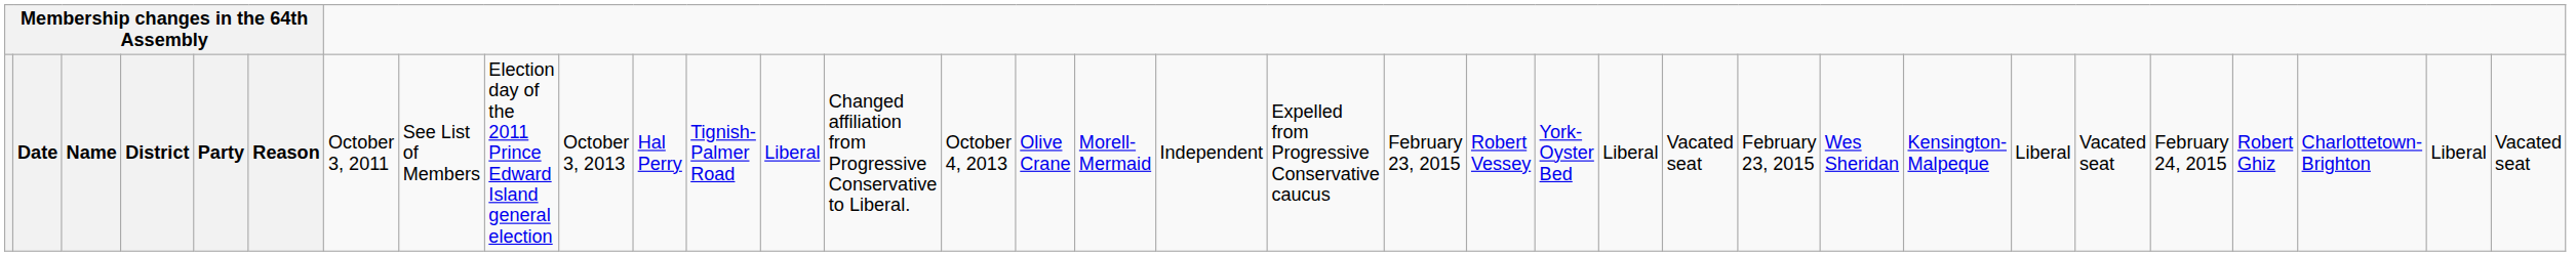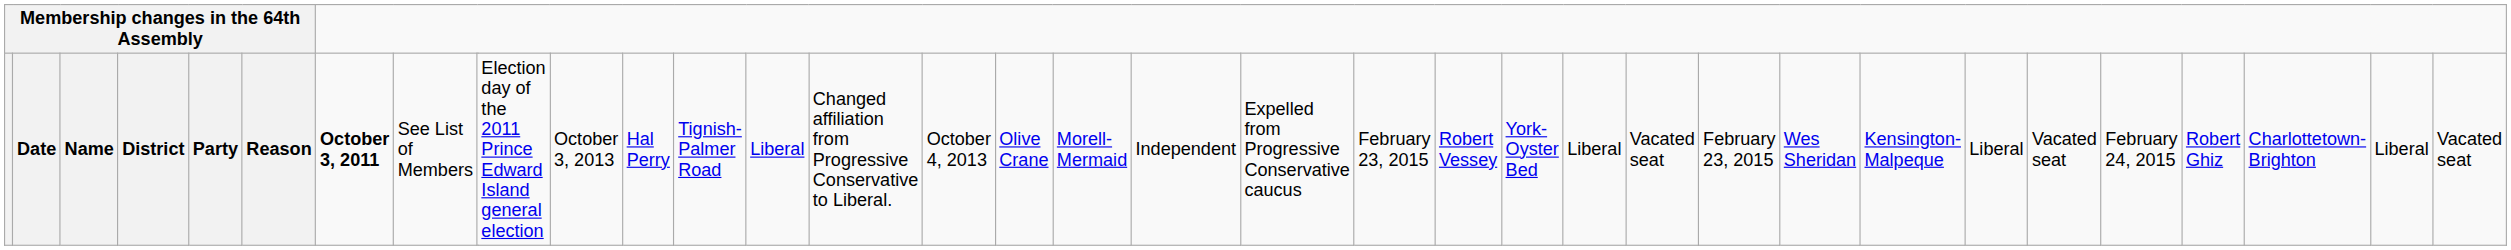 <table class="wikitable">
 <tr>
 <th colspan=6>Membership changes in the 64th Assembly</th>
 </tr>
 <tr>
 <th></th>
 <th>Date</th>
 <th>Name</th>
 <th>District</th>
 <th>Party</th>
 <th>Reason<br></th>
-<td>October 3, 2011</td>
+<td><strong>October 3, 2011</strong></td>
 <td colspan=3>See List of Members</td>
 <td>Election day of the <a href='#'>2011 Prince Edward Island general election</a><br></td>
 <td>October 3, 2013</td>
 <td><a href='#'>Hal Perry</a></td>
 <td><a href='#'>Tignish-Palmer Road</a></td>
 <td><a href='#'>Liberal</a></td>
 <td>Changed affiliation from Progressive Conservative to Liberal.<br></td>
 <td>October 4, 2013</td>
 <td><a href='#'>Olive Crane</a></td>
 <td><a href='#'>Morell-Mermaid</a></td>
 <td>Independent</td>
 <td>Expelled from Progressive Conservative caucus<br></td>
 <td>February 23, 2015</td>
 <td><a href='#'>Robert Vessey</a></td>
 <td><a href='#'>York-Oyster Bed</a></td>
 <td>Liberal</td>
 <td>Vacated seat<br></td>
 <td>February 23, 2015</td>
 <td><a href='#'>Wes Sheridan</a></td>
 <td><a href='#'>Kensington-Malpeque</a></td>
 <td>Liberal</td>
 <td>Vacated seat<br></td>
 <td>February 24, 2015</td>
 <td><a href='#'>Robert Ghiz</a></td>
 <td><a href='#'>Charlottetown-Brighton</a></td>
 <td>Liberal</td>
 <td>Vacated seat</td>
 </tr>
 </table>
